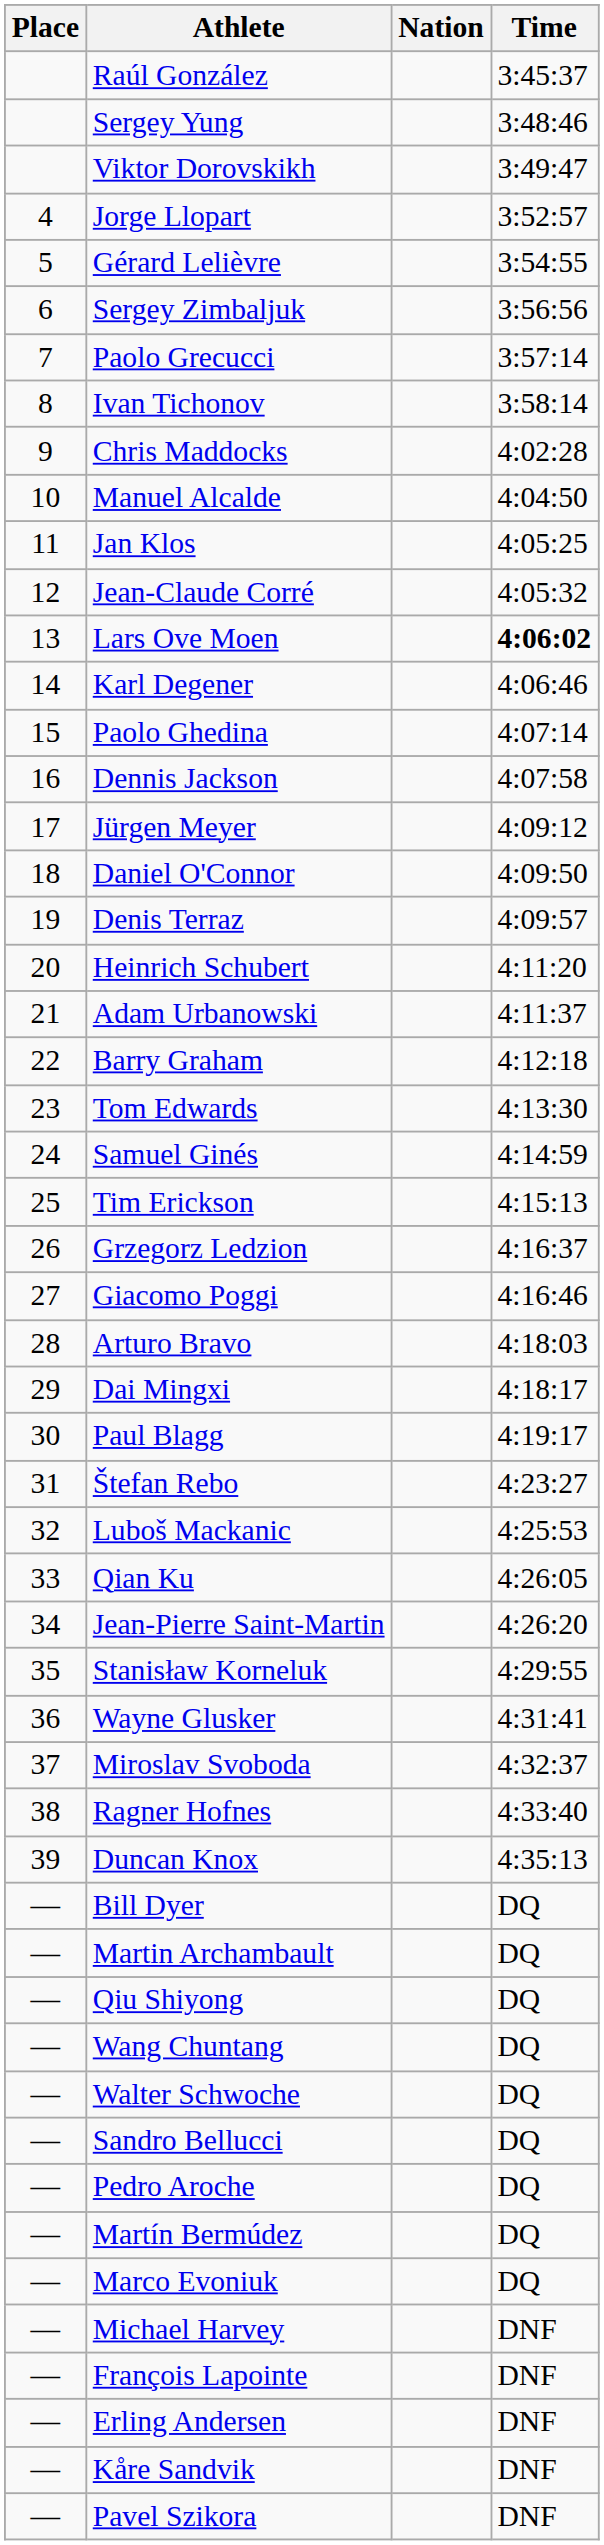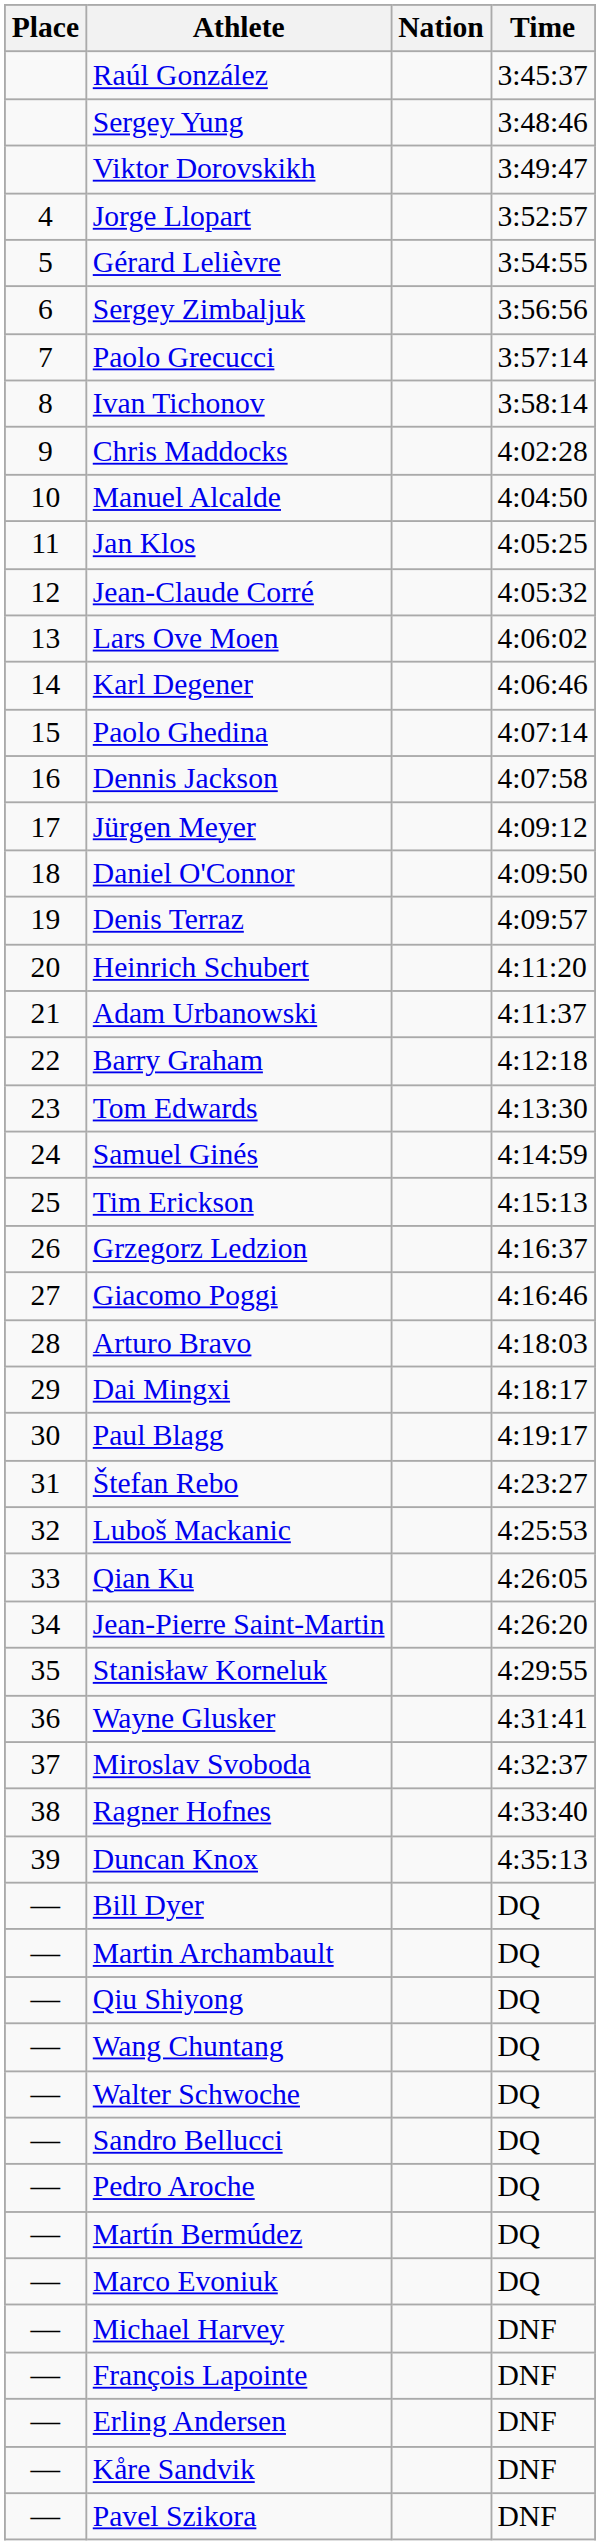 <table class=wikitable>
 <tr>
 <th>Place</th>
 <th>Athlete</th>
 <th>Nation</th>
 <th>Time</th>
 </tr>
 <tr>
 <td align=center></td>
 <td><a href='#'>Raúl González</a></td>
 <td></td>
 <td>3:45:37</td>
 </tr>
 <tr>
 <td align=center></td>
 <td><a href='#'>Sergey Yung</a></td>
 <td></td>
 <td>3:48:46</td>
 </tr>
 <tr>
 <td align=center></td>
 <td><a href='#'>Viktor Dorovskikh</a></td>
 <td></td>
 <td>3:49:47</td>
 </tr>
 <tr>
 <td align=center>4</td>
 <td><a href='#'>Jorge Llopart</a></td>
 <td></td>
 <td>3:52:57</td>
 </tr>
 <tr>
 <td align=center>5</td>
 <td><a href='#'>Gérard Lelièvre</a></td>
 <td></td>
 <td>3:54:55</td>
 </tr>
 <tr>
 <td align=center>6</td>
 <td><a href='#'>Sergey Zimbaljuk</a></td>
 <td></td>
 <td>3:56:56</td>
 </tr>
 <tr>
 <td align=center>7</td>
 <td><a href='#'>Paolo Grecucci</a></td>
 <td></td>
 <td>3:57:14</td>
 </tr>
 <tr>
 <td align=center>8</td>
 <td><a href='#'>Ivan Tichonov</a></td>
 <td></td>
 <td>3:58:14</td>
 </tr>
 <tr>
 <td align=center>9</td>
 <td><a href='#'>Chris Maddocks</a></td>
 <td></td>
 <td>4:02:28</td>
 </tr>
 <tr>
 <td align=center>10</td>
 <td><a href='#'>Manuel Alcalde</a></td>
 <td></td>
 <td>4:04:50</td>
 </tr>
 <tr>
 <td align=center>11</td>
 <td><a href='#'>Jan Klos</a></td>
 <td></td>
 <td>4:05:25</td>
 </tr>
 <tr>
 <td align=center>12</td>
 <td><a href='#'>Jean-Claude Corré</a></td>
 <td></td>
 <td>4:05:32</td>
 </tr>
 <tr>
 <td align=center>13</td>
 <td><a href='#'>Lars Ove Moen</a></td>
 <td></td>
-<td><strong>4:06:02</strong></td>
+<td>4:06:02</td>
 </tr>
 <tr>
 <td align=center>14</td>
 <td><a href='#'>Karl Degener</a></td>
 <td></td>
 <td>4:06:46</td>
 </tr>
 <tr>
 <td align=center>15</td>
 <td><a href='#'>Paolo Ghedina</a></td>
 <td></td>
 <td>4:07:14</td>
 </tr>
 <tr>
 <td align=center>16</td>
 <td><a href='#'>Dennis Jackson</a></td>
 <td></td>
 <td>4:07:58</td>
 </tr>
 <tr>
 <td align=center>17</td>
 <td><a href='#'>Jürgen Meyer</a></td>
 <td></td>
 <td>4:09:12</td>
 </tr>
 <tr>
 <td align=center>18</td>
 <td><a href='#'>Daniel O'Connor</a></td>
 <td></td>
 <td>4:09:50</td>
 </tr>
 <tr>
 <td align=center>19</td>
 <td><a href='#'>Denis Terraz</a></td>
 <td></td>
 <td>4:09:57</td>
 </tr>
 <tr>
 <td align=center>20</td>
 <td><a href='#'>Heinrich Schubert</a></td>
 <td></td>
 <td>4:11:20</td>
 </tr>
 <tr>
 <td align=center>21</td>
 <td><a href='#'>Adam Urbanowski</a></td>
 <td></td>
 <td>4:11:37</td>
 </tr>
 <tr>
 <td align=center>22</td>
 <td><a href='#'>Barry Graham</a></td>
 <td></td>
 <td>4:12:18</td>
 </tr>
 <tr>
 <td align=center>23</td>
 <td><a href='#'>Tom Edwards</a></td>
 <td></td>
 <td>4:13:30</td>
 </tr>
 <tr>
 <td align=center>24</td>
 <td><a href='#'>Samuel Ginés</a></td>
 <td></td>
 <td>4:14:59</td>
 </tr>
 <tr>
 <td align=center>25</td>
 <td><a href='#'>Tim Erickson</a></td>
 <td></td>
 <td>4:15:13</td>
 </tr>
 <tr>
 <td align=center>26</td>
 <td><a href='#'>Grzegorz Ledzion</a></td>
 <td></td>
 <td>4:16:37</td>
 </tr>
 <tr>
 <td align=center>27</td>
 <td><a href='#'>Giacomo Poggi</a></td>
 <td></td>
 <td>4:16:46</td>
 </tr>
 <tr>
 <td align=center>28</td>
 <td><a href='#'>Arturo Bravo</a></td>
 <td></td>
 <td>4:18:03</td>
 </tr>
 <tr>
 <td align=center>29</td>
 <td><a href='#'>Dai Mingxi</a></td>
 <td></td>
 <td>4:18:17</td>
 </tr>
 <tr>
 <td align=center>30</td>
 <td><a href='#'>Paul Blagg</a></td>
 <td></td>
 <td>4:19:17</td>
 </tr>
 <tr>
 <td align=center>31</td>
 <td><a href='#'>Štefan Rebo</a></td>
 <td></td>
 <td>4:23:27</td>
 </tr>
 <tr>
 <td align=center>32</td>
 <td><a href='#'>Luboš Mackanic</a></td>
 <td></td>
 <td>4:25:53</td>
 </tr>
 <tr>
 <td align=center>33</td>
 <td><a href='#'>Qian Ku</a></td>
 <td></td>
 <td>4:26:05</td>
 </tr>
 <tr>
 <td align=center>34</td>
 <td><a href='#'>Jean-Pierre Saint-Martin</a></td>
 <td></td>
 <td>4:26:20</td>
 </tr>
 <tr>
 <td align=center>35</td>
 <td><a href='#'>Stanisław Korneluk</a></td>
 <td></td>
 <td>4:29:55</td>
 </tr>
 <tr>
 <td align=center>36</td>
 <td><a href='#'>Wayne Glusker</a></td>
 <td></td>
 <td>4:31:41</td>
 </tr>
 <tr>
 <td align=center>37</td>
 <td><a href='#'>Miroslav Svoboda</a></td>
 <td></td>
 <td>4:32:37</td>
 </tr>
 <tr>
 <td align=center>38</td>
 <td><a href='#'>Ragner Hofnes</a></td>
 <td></td>
 <td>4:33:40</td>
 </tr>
 <tr>
 <td align=center>39</td>
 <td><a href='#'>Duncan Knox</a></td>
 <td></td>
 <td>4:35:13</td>
 </tr>
 <tr>
 <td align=center>—</td>
 <td><a href='#'>Bill Dyer</a></td>
 <td></td>
 <td>DQ</td>
 </tr>
 <tr>
 <td align=center>—</td>
 <td><a href='#'>Martin Archambault</a></td>
 <td></td>
 <td>DQ</td>
 </tr>
 <tr>
 <td align=center>—</td>
 <td><a href='#'>Qiu Shiyong</a></td>
 <td></td>
 <td>DQ</td>
 </tr>
 <tr>
 <td align=center>—</td>
 <td><a href='#'>Wang Chuntang</a></td>
 <td></td>
 <td>DQ</td>
 </tr>
 <tr>
 <td align=center>—</td>
 <td><a href='#'>Walter Schwoche</a></td>
 <td></td>
 <td>DQ</td>
 </tr>
 <tr>
 <td align=center>—</td>
 <td><a href='#'>Sandro Bellucci</a></td>
 <td></td>
 <td>DQ</td>
 </tr>
 <tr>
 <td align=center>—</td>
 <td><a href='#'>Pedro Aroche</a></td>
 <td></td>
 <td>DQ</td>
 </tr>
 <tr>
 <td align=center>—</td>
 <td><a href='#'>Martín Bermúdez</a></td>
 <td></td>
 <td>DQ</td>
 </tr>
 <tr>
 <td align=center>—</td>
 <td><a href='#'>Marco Evoniuk</a></td>
 <td></td>
 <td>DQ</td>
 </tr>
 <tr>
 <td align=center>—</td>
 <td><a href='#'>Michael Harvey</a></td>
 <td></td>
 <td>DNF</td>
 </tr>
 <tr>
 <td align=center>—</td>
 <td><a href='#'>François Lapointe</a></td>
 <td></td>
 <td>DNF</td>
 </tr>
 <tr>
 <td align=center>—</td>
 <td><a href='#'>Erling Andersen</a></td>
 <td></td>
 <td>DNF</td>
 </tr>
 <tr>
 <td align=center>—</td>
 <td><a href='#'>Kåre Sandvik</a></td>
 <td></td>
 <td>DNF</td>
 </tr>
 <tr>
 <td align=center>—</td>
 <td><a href='#'>Pavel Szikora</a></td>
 <td></td>
 <td>DNF</td>
 </tr>
 </table>
